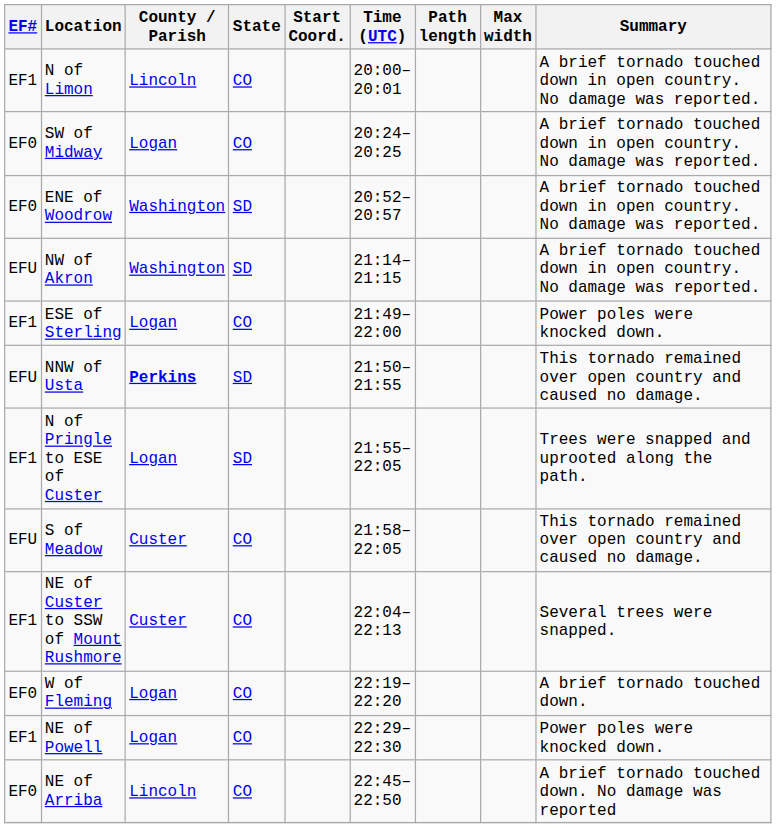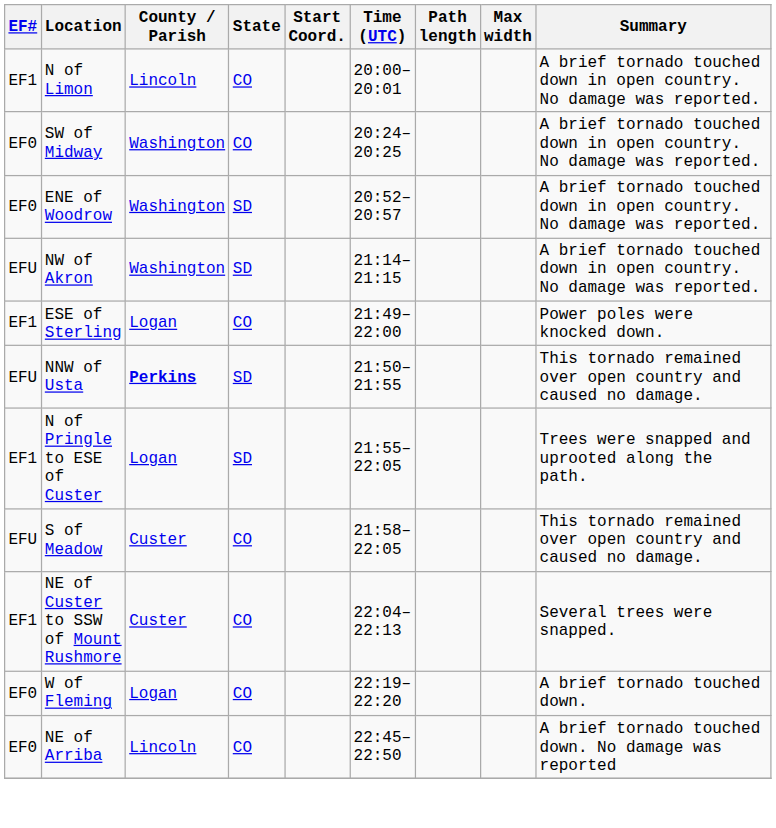 <table class="wikitable sortable" style="width:100%;">
 <tr>
 <th scope="col"  style="width:3%; text-align:center;"><a href='#'>EF#</a></th>
 <th scope="col"  style="width:7%; text-align:center;" class="unsortable">Location</th>
 <th scope="col"  style="width:6%; text-align:center;" class="unsortable">County / Parish</th>
 <th scope="col"  style="width:5%; text-align:center;">State</th>
 <th scope="col"  style="width:6%; text-align:center;">Start Coord.</th>
 <th scope="col"  style="width:6%; text-align:center;">Time (<a href='#'>UTC</a>)</th>
 <th scope="col"  style="width:6%; text-align:center;">Path length</th>
 <th scope="col"  style="width:6%; text-align:center;">Max width</th>
 <th scope="col" class="unsortable" style="width:48%; text-align:center;">Summary</th>
 </tr>
 <tr>
 <td>EF1</td>
 <td>N of <a href='#'>Limon</a></td>
 <td><a href='#'>Lincoln</a></td>
 <td><a href='#'>CO</a></td>
 <td></td>
 <td>20:00–20:01</td>
 <td></td>
 <td></td>
 <td>A brief tornado touched down in open country. No damage was reported.</td>
 </tr>
 <tr>
 <td>EF0</td>
 <td>SW of <a href='#'>Midway</a></td>
-<td><a href='#'>Logan</a></td>
+<td><a href='#'>Washington</a></td>
 <td><a href='#'>CO</a></td>
 <td></td>
 <td>20:24–20:25</td>
 <td></td>
 <td></td>
 <td>A brief tornado touched down in open country. No damage was reported.</td>
 </tr>
 <tr>
 <td>EF0</td>
 <td>ENE of <a href='#'>Woodrow</a></td>
 <td><a href='#'>Washington</a></td>
 <td><a href='#'>SD</a></td>
 <td></td>
 <td>20:52–20:57</td>
 <td></td>
 <td></td>
 <td>A brief tornado touched down in open country. No damage was reported.</td>
 </tr>
 <tr>
 <td>EFU</td>
 <td>NW of <a href='#'>Akron</a></td>
 <td><a href='#'>Washington</a></td>
 <td><a href='#'>SD</a></td>
 <td></td>
 <td>21:14–21:15</td>
 <td></td>
 <td></td>
 <td>A brief tornado touched down in open country. No damage was reported.</td>
 </tr>
 <tr>
 <td>EF1</td>
 <td>ESE of <a href='#'>Sterling</a></td>
 <td><a href='#'>Logan</a></td>
 <td><a href='#'>CO</a></td>
 <td></td>
 <td>21:49–22:00</td>
 <td></td>
 <td></td>
 <td>Power poles were knocked down.</td>
 </tr>
 <tr>
 <td>EFU</td>
 <td>NNW of <a href='#'>Usta</a></td>
 <td><strong><a href='#'>Perkins</a></strong></td>
 <td><a href='#'>SD</a></td>
 <td></td>
 <td>21:50–21:55</td>
 <td></td>
 <td></td>
 <td>This tornado remained over open country and caused no damage.</td>
 </tr>
 <tr>
 <td>EF1</td>
 <td>N of <a href='#'>Pringle</a> to ESE of <a href='#'>Custer</a></td>
 <td><a href='#'>Logan</a></td>
 <td><a href='#'>SD</a></td>
 <td></td>
 <td>21:55–22:05</td>
 <td></td>
 <td></td>
 <td>Trees were snapped and uprooted along the path.</td>
 </tr>
 <tr>
 <td>EFU</td>
 <td>S of <a href='#'>Meadow</a></td>
 <td><a href='#'>Custer</a></td>
 <td><a href='#'>CO</a></td>
 <td></td>
 <td>21:58–22:05</td>
 <td></td>
 <td></td>
 <td>This tornado remained over open country and caused no damage.</td>
 </tr>
 <tr>
 <td>EF1</td>
 <td>NE of <a href='#'>Custer</a> to SSW of <a href='#'>Mount Rushmore</a></td>
 <td><a href='#'>Custer</a></td>
 <td><a href='#'>CO</a></td>
 <td></td>
 <td>22:04–22:13</td>
 <td></td>
 <td></td>
 <td>Several trees were snapped.</td>
 </tr>
 <tr>
 <td>EF0</td>
 <td>W of <a href='#'>Fleming</a></td>
 <td><a href='#'>Logan</a></td>
 <td><a href='#'>CO</a></td>
 <td></td>
 <td>22:19–22:20</td>
 <td></td>
 <td></td>
 <td>A brief tornado touched down.</td>
 </tr>
 <tr>
-<td>EF1</td>
-<td>NE of <a href='#'>Powell</a></td>
-<td><a href='#'>Logan</a></td>
-<td><a href='#'>CO</a></td>
-<td></td>
-<td>22:29–22:30</td>
-<td></td>
-<td></td>
-<td>Power poles were knocked down.</td>
-</tr>
-<tr>
 <td>EF0</td>
 <td>NE of <a href='#'>Arriba</a></td>
 <td><a href='#'>Lincoln</a></td>
 <td><a href='#'>CO</a></td>
 <td></td>
 <td>22:45–22:50</td>
 <td></td>
 <td></td>
 <td>A brief tornado touched down. No damage was reported</td>
 </tr>
 <tr>
 </tr>
 </table>
